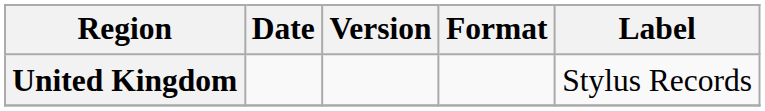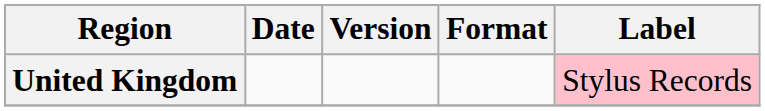 <table class="wikitable plainrowheaders" style="text-align:center;">
 <tr>
 <th>Region</th>
 <th>Date</th>
 <th>Version</th>
 <th>Format</th>
 <th>Label</th>
 </tr>
 <tr>
 <th scope="row">United Kingdom</th>
 <td></td>
 <td></td>
 <td></td>
-<td>Stylus Records</td>
+<td style="background: pink;">Stylus Records</td>
 </tr>
 <tr>
 </tr>
 </table>
